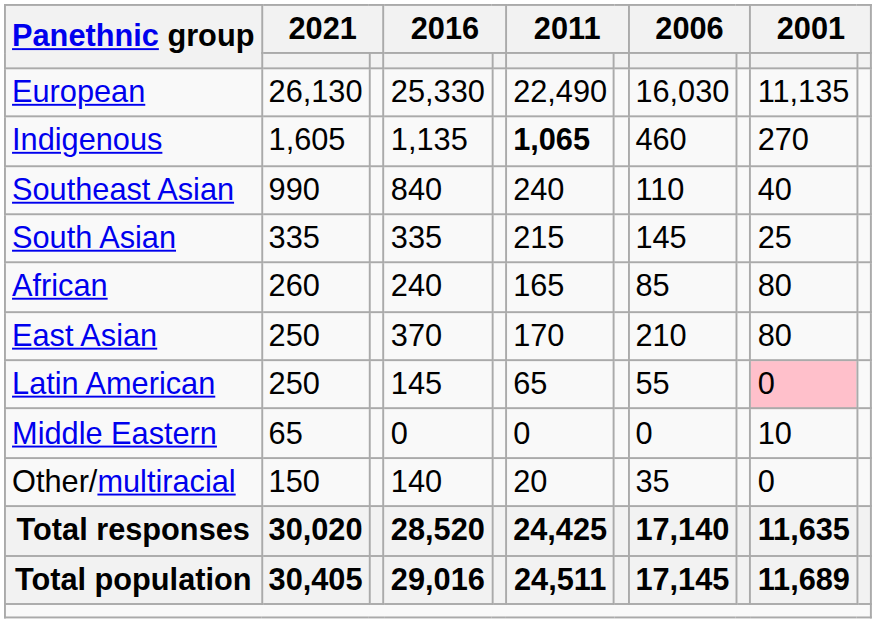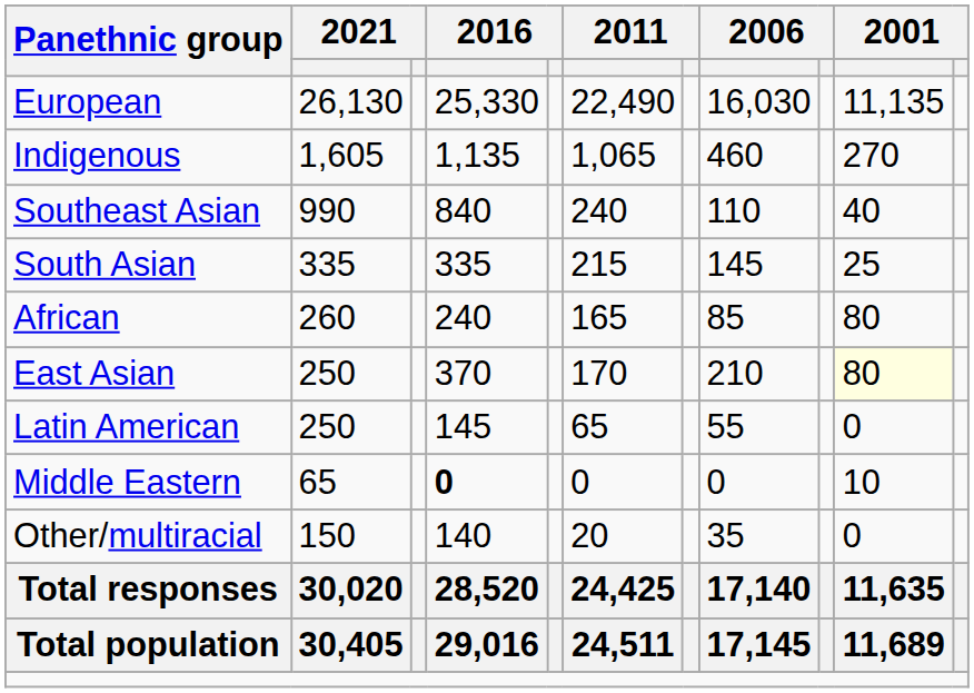 <table class="wikitable collapsible sortable">
 <tr>
 <th rowspan="2"><a href='#'>Panethnic</a> group</th>
 <th colspan="2">2021</th>
 <th colspan="2">2016</th>
 <th colspan="2">2011</th>
 <th colspan="2">2006</th>
 <th colspan="2">2001</th>
 </tr>
 <tr>
 <th><a href='#'></a></th>
 <th></th>
 <th></th>
 <th></th>
 <th></th>
 <th></th>
 <th></th>
 <th></th>
 <th></th>
 <th></th>
 </tr>
 <tr>
 <td><a href='#'>European</a></td>
 <td>26,130</td>
 <td></td>
 <td>25,330</td>
 <td></td>
 <td>22,490</td>
 <td></td>
 <td>16,030</td>
 <td></td>
 <td>11,135</td>
 <td></td>
 </tr>
 <tr>
 <td><a href='#'>Indigenous</a></td>
 <td>1,605</td>
 <td></td>
 <td>1,135</td>
 <td></td>
-<td><strong>1,065</strong></td>
+<td>1,065</td>
 <td></td>
 <td>460</td>
 <td></td>
 <td>270</td>
 <td></td>
 </tr>
 <tr>
 <td><a href='#'>Southeast Asian</a></td>
 <td>990</td>
 <td></td>
 <td>840</td>
 <td></td>
 <td>240</td>
 <td></td>
 <td>110</td>
 <td></td>
 <td>40</td>
 <td></td>
 </tr>
 <tr>
 <td><a href='#'>South Asian</a></td>
 <td>335</td>
 <td></td>
 <td>335</td>
 <td></td>
 <td>215</td>
 <td></td>
 <td>145</td>
 <td></td>
 <td>25</td>
 <td></td>
 </tr>
 <tr>
 <td><a href='#'>African</a></td>
 <td>260</td>
 <td></td>
 <td>240</td>
 <td></td>
 <td>165</td>
 <td></td>
 <td>85</td>
 <td></td>
 <td>80</td>
 <td></td>
 </tr>
 <tr>
 <td><a href='#'>East Asian</a></td>
 <td>250</td>
 <td></td>
 <td>370</td>
 <td></td>
 <td>170</td>
 <td></td>
 <td>210</td>
 <td></td>
-<td>80</td>
+<td style="background: lightyellow;">80</td>
 <td></td>
 </tr>
 <tr>
 <td><a href='#'>Latin American</a></td>
 <td>250</td>
 <td></td>
 <td>145</td>
 <td></td>
 <td>65</td>
 <td></td>
 <td>55</td>
 <td></td>
-<td style="background: pink;">0</td>
+<td>0</td>
 <td></td>
 </tr>
 <tr>
 <td><a href='#'>Middle Eastern</a></td>
 <td>65</td>
 <td></td>
-<td>0</td>
+<td><strong>0</strong></td>
 <td></td>
 <td>0</td>
 <td></td>
 <td>0</td>
 <td></td>
 <td>10</td>
 <td></td>
 </tr>
 <tr>
 <td>Other/<a href='#'>multiracial</a></td>
 <td>150</td>
 <td></td>
 <td>140</td>
 <td></td>
 <td>20</td>
 <td></td>
 <td>35</td>
 <td></td>
 <td>0</td>
 <td></td>
 </tr>
 <tr>
 <th>Total responses</th>
 <th>30,020</th>
 <th></th>
 <th>28,520</th>
 <th></th>
 <th>24,425</th>
 <th></th>
 <th>17,140</th>
 <th></th>
 <th>11,635</th>
 <th></th>
 </tr>
 <tr class="sortbottom">
 <th>Total population</th>
 <th>30,405</th>
 <th></th>
 <th>29,016</th>
 <th></th>
 <th>24,511</th>
 <th></th>
 <th>17,145</th>
 <th></th>
 <th>11,689</th>
 <th></th>
 </tr>
 <tr class="sortbottom">
 <td colspan="11"></td>
 </tr>
 </table>
